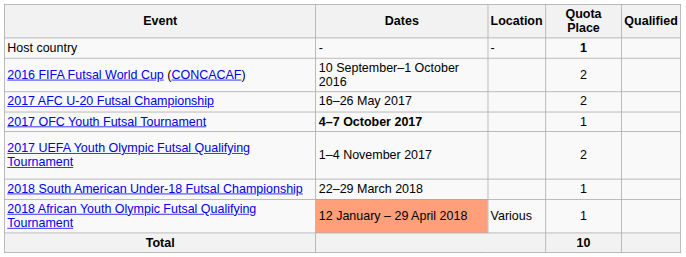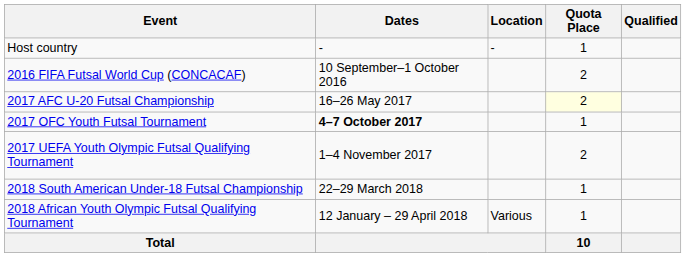 <table class="wikitable">
 <tr>
 <th>Event</th>
 <th>Dates</th>
 <th>Location</th>
 <th>Quota Place</th>
 <th>Qualified</th>
 </tr>
 <tr>
 <td>Host country</td>
 <td>-</td>
 <td>-</td>
-<td align="center"><strong>1</strong></td>
+<td align="center">1</td>
 <td></td>
 </tr>
 <tr>
 <td><a href='#'>2016 FIFA Futsal World Cup</a> (<a href='#'>CONCACAF</a>)</td>
 <td>10 September–1 October 2016</td>
 <td></td>
 <td align=center>2</td>
 <td><br></td>
 </tr>
 <tr>
 <td><a href='#'>2017 AFC U-20 Futsal Championship</a></td>
 <td>16–26 May 2017</td>
 <td></td>
-<td align=center>2</td>
+<td align=center style="background: lightyellow;">2</td>
 <td><br></td>
 </tr>
 <tr>
 <td><a href='#'>2017 OFC Youth Futsal Tournament</a></td>
 <td><strong>4–7 October 2017</strong></td>
 <td></td>
 <td align=center>1</td>
 <td></td>
 </tr>
 <tr>
 <td><a href='#'>2017 UEFA Youth Olympic Futsal Qualifying Tournament</a></td>
 <td>1–4 November 2017</td>
 <td><br><br><br></td>
 <td align=center>2</td>
 <td><br></td>
 </tr>
 <tr>
 <td><a href='#'>2018 South American Under-18 Futsal Championship</a></td>
 <td>22–29 March 2018</td>
 <td></td>
 <td align=center>1</td>
 <td></td>
 </tr>
 <tr>
 <td><a href='#'>2018 African Youth Olympic Futsal Qualifying Tournament</a></td>
-<td style="background: lightsalmon;">12 January – 29 April 2018</td>
+<td>12 January – 29 April 2018</td>
 <td>Various</td>
 <td align=center>1</td>
 <td></td>
 </tr>
 <tr>
 <th>Total</th>
 <th colspan=2></th>
 <th>10</th>
 <th></th>
 </tr>
 </table>
